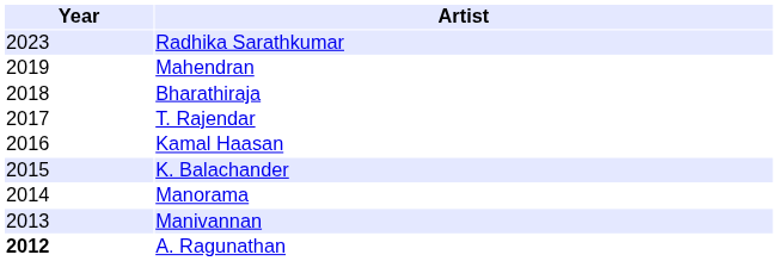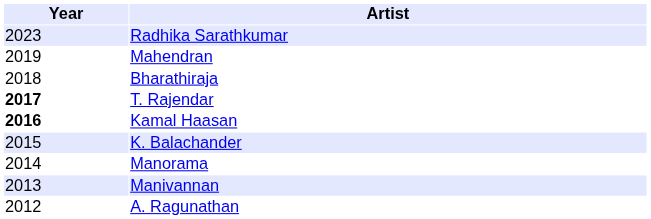 <table cellspacing="1" cellpadding="1" border="0" width="50%">
 <tr bgcolor="#e4e8ff">
 <th>Year</th>
 <th>Artist</th>
 </tr>
 <tr bgcolor="#e4e8ff">
 <td>2023</td>
 <td><a href='#'>Radhika Sarathkumar</a></td>
 </tr>
 <tr>
 <td>2019</td>
 <td><a href='#'>Mahendran</a></td>
 </tr>
 <tr>
 <td>2018</td>
 <td><a href='#'>Bharathiraja</a></td>
 </tr>
 <tr>
-<td>2017</td>
+<td><strong>2017</strong></td>
 <td><a href='#'>T. Rajendar</a></td>
 </tr>
 <tr>
-<td>2016</td>
+<td><strong>2016</strong></td>
 <td><a href='#'>Kamal Haasan</a></td>
 </tr>
 <tr bgcolor="#e4e8ff">
 <td>2015</td>
 <td><a href='#'>K. Balachander</a></td>
 </tr>
 <tr>
 <td>2014</td>
 <td><a href='#'>Manorama</a></td>
 </tr>
 <tr bgcolor="#e4e8ff">
 <td>2013</td>
 <td><a href='#'>Manivannan</a></td>
 </tr>
 <tr>
-<td><strong>2012</strong></td>
+<td>2012</td>
 <td><a href='#'>A. Ragunathan</a></td>
 </tr>
 </table>
